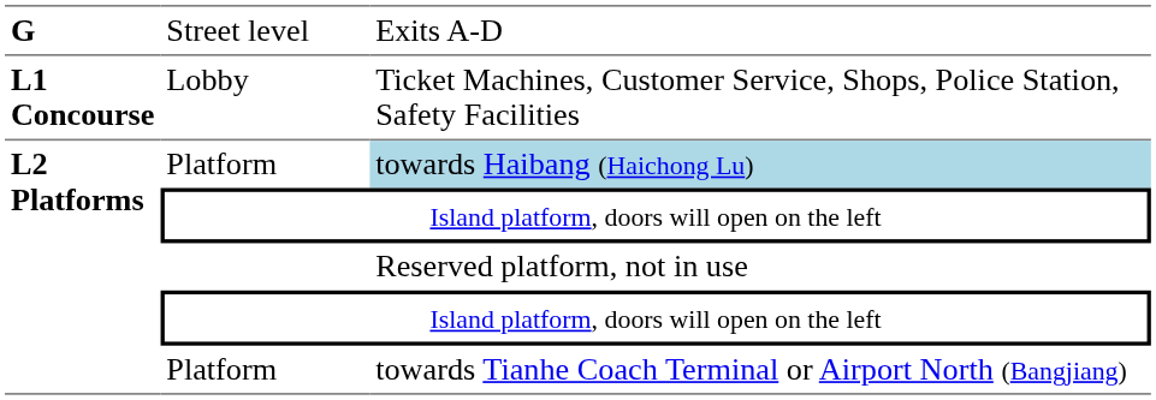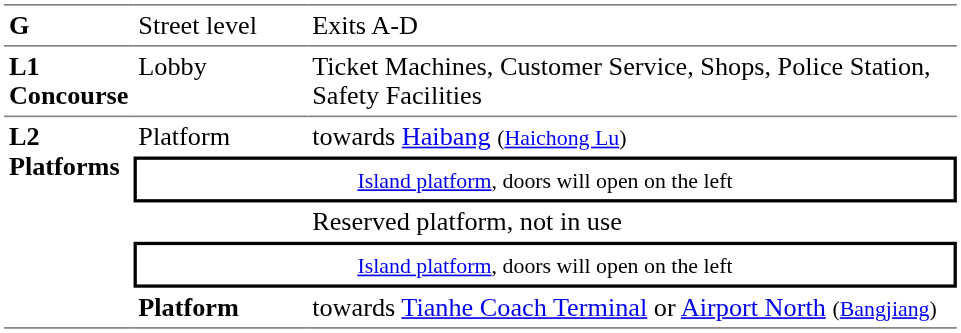 <table table border=0 cellspacing=0 cellpadding=3>
 <tr>
 <td style="border-top:solid 1px gray;" width=50 valign=top><strong>G</strong></td>
 <td style="border-top:solid 1px gray;" width=100 valign=top>Street level</td>
 <td style="border-top:solid 1px gray;" width=390 valign=top>Exits A-D</td>
 </tr>
 <tr>
 <td style="border-bottom:solid 1px gray; border-top:solid 1px gray;" valign=top width=50><strong>L1<br>Concourse</strong></td>
 <td style="border-bottom:solid 1px gray; border-top:solid 1px gray;" valign=top width=100>Lobby</td>
 <td style="border-bottom:solid 1px gray; border-top:solid 1px gray;" valign=top width=390>Ticket Machines, Customer Service, Shops, Police Station, Safety Facilities</td>
 </tr>
 <tr>
 <td style="border-bottom:solid 1px gray;" rowspan=5 valign=top><strong>L2<br>Platforms</strong></td>
 <td>Platform </td>
-<td style="background: lightblue;">  towards <a href='#'>Haibang</a> <small>(<a href='#'>Haichong Lu</a>)</small></td>
+<td>  towards <a href='#'>Haibang</a> <small>(<a href='#'>Haichong Lu</a>)</small></td>
 </tr>
 <tr>
 <td style="border-right:solid 2px black;border-left:solid 2px black;border-top:solid 2px black;border-bottom:solid 2px black;text-align:center;" colspan=2><small><a href='#'>Island platform</a>, doors will open on the left</small></td>
 </tr>
 <tr>
 <td></td>
 <td> Reserved platform, not in use</td>
 </tr>
 <tr>
 <td style="border-right:solid 2px black;border-left:solid 2px black;border-top:solid 2px black;border-bottom:solid 2px black;text-align:center;" colspan=2><small><a href='#'>Island platform</a>, doors will open on the left</small></td>
 </tr>
 <tr>
-<td style="border-bottom:solid 1px gray;">Platform </td>
+<td style="border-bottom:solid 1px gray;"><strong>Platform </strong></td>
 <td style="border-bottom:solid 1px gray;"> towards <a href='#'>Tianhe Coach Terminal</a> or <a href='#'>Airport North</a> <small>(<a href='#'>Bangjiang</a>)</small> </td>
 </tr>
 </table>
